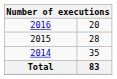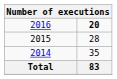 <table class="wikitable" style="text-align:center;">
 <tr>
 <th colspan="2">Number of executions</th>
 </tr>
 <tr>
 <td><a href='#'>2016</a></td>
-<td>20</td>
+<td><strong>20</strong></td>
 </tr>
 <tr>
 <td>2015</td>
 <td>28</td>
 </tr>
 <tr>
 <td><a href='#'>2014</a></td>
 <td>35</td>
 </tr>
 <tr>
 <th>Total</th>
 <th>83</th>
 </tr>
 <tr>
 </tr>
 </table>
